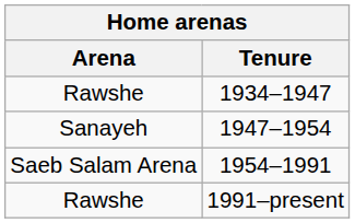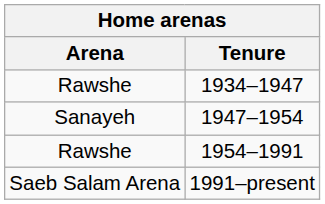 <table class="wikitable" style="text-align:center">
 <tr>
 <th colspan="3">Home arenas</th>
 </tr>
 <tr>
 <th>Arena</th>
 <th>Tenure</th>
 </tr>
 <tr>
 <td>Rawshe</td>
 <td>1934–1947</td>
 </tr>
 <tr>
 <td>Sanayeh</td>
 <td>1947–1954</td>
 </tr>
 <tr>
-<td>Saeb Salam Arena</td>
+<td>Rawshe</td>
 <td>1954–1991</td>
 </tr>
 <tr>
-<td>Rawshe</td>
+<td>Saeb Salam Arena</td>
 <td>1991–present</td>
 </tr>
 </table>
